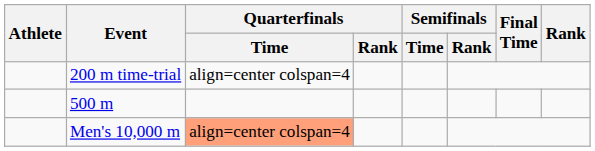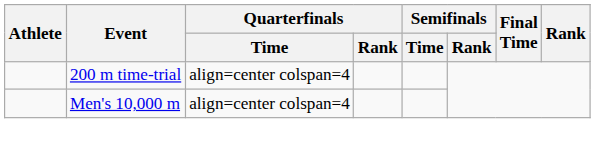 <table class=wikitable style="font-size:90%">
 <tr>
 <th rowspan=2>Athlete</th>
 <th rowspan=2>Event</th>
 <th colspan=2>Quarterfinals</th>
 <th colspan=2>Semifinals</th>
 <th rowspan=2>Final<br>Time</th>
 <th rowspan=2>Rank</th>
 </tr>
 <tr>
 <th>Time</th>
 <th>Rank</th>
 <th>Time</th>
 <th>Rank</th>
 </tr>
 <tr>
 <td></td>
 <td><a href='#'>200 m time-trial</a></td>
 <td>align=center colspan=4 </td>
 <td align=center></td>
 <td align=center></td>
 </tr>
 <tr>
 <td></td>
-<td><a href='#'>500 m</a></td>
-<td align=center></td>
-<td align=center></td>
-<td align=center></td>
-<td align=center></td>
-<td align=center></td>
-<td align=center></td>
-</tr>
-<tr>
-<td></td>
 <td><a href='#'>Men's 10,000 m</a></td>
-<td style="background: lightsalmon;">align=center colspan=4 </td>
+<td>align=center colspan=4 </td>
 <td align=center></td>
 <td align=center></td>
 </tr>
 </table>
